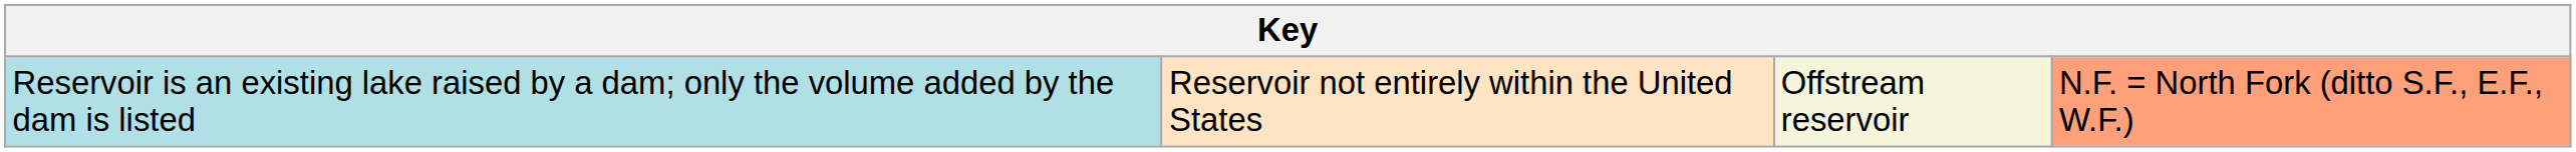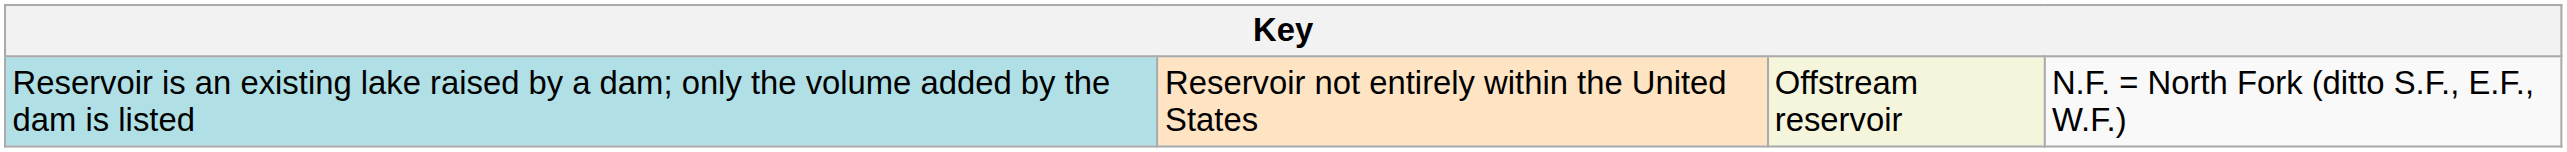 <table class="wikitable" border="1">
 <tr>
 <th colspan=4>Key</th>
 </tr>
 <tr>
 <td bgcolor="#B0E0E6"> Reservoir is an existing lake raised by a dam; only the volume added by the dam is listed</td>
 <td bgcolor="#FFE4C4">Reservoir not entirely within the United States</td>
 <td bgcolor="#F5F5DC"> Offstream reservoir</td>
-<td style="background: lightsalmon;">N.F. = North Fork (ditto S.F., E.F., W.F.)</td>
+<td>N.F. = North Fork (ditto S.F., E.F., W.F.)</td>
 </tr>
 </table>
